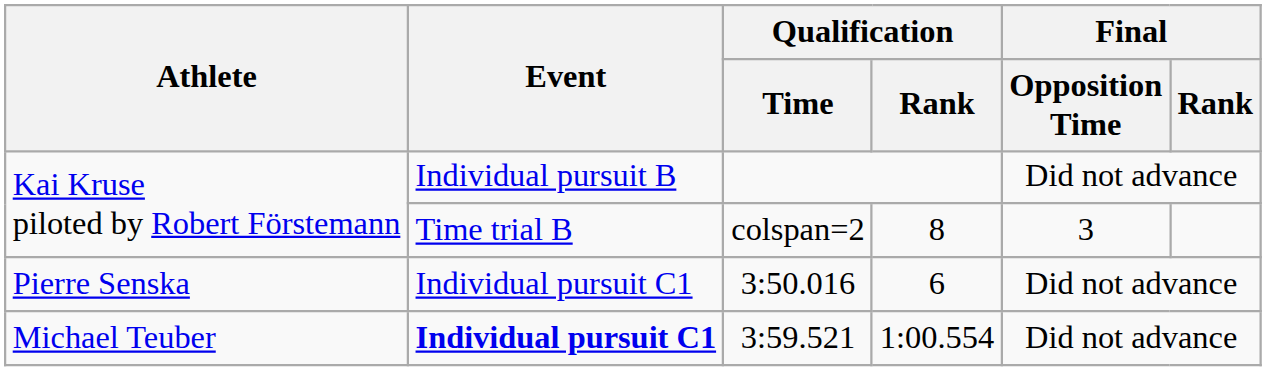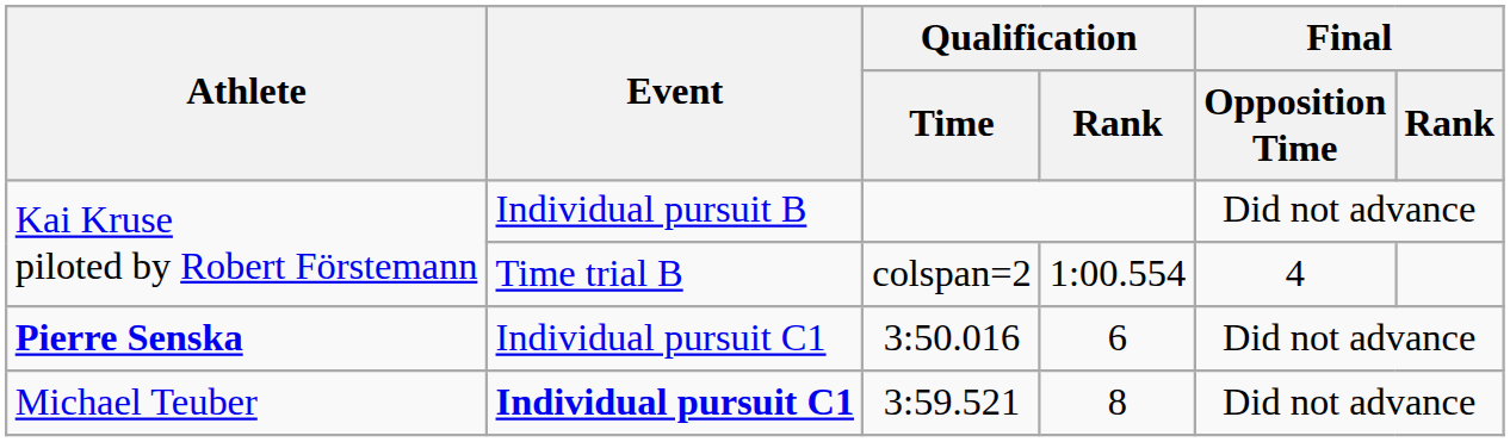 <table class=wikitable style="font-size:90%">
 <tr>
 <th rowspan="2">Athlete</th>
 <th rowspan="2">Event</th>
 <th colspan="2">Qualification</th>
 <th colspan="2">Final</th>
 </tr>
 <tr>
 <th>Time</th>
 <th>Rank</th>
 <th>Opposition<br>Time</th>
 <th>Rank</th>
 </tr>
 <tr align=center>
 <td align=left rowspan=2><a href='#'>Kai Kruse</a><br>piloted by <a href='#'>Robert Förstemann</a></td>
 <td align=left><a href='#'>Individual pursuit B</a></td>
 <td colspan=2></td>
 <td colspan=2>Did not advance</td>
 </tr>
 <tr align=center>
 <td align=left><a href='#'>Time trial B</a></td>
 <td>colspan=2</td>
-<td>8</td>
-<td>3</td>
+<td>1:00.554</td>
+<td>4</td>
 </tr>
 <tr align=center>
-<td align=left><a href='#'>Pierre Senska</a></td>
+<td align=left><strong><a href='#'>Pierre Senska</a></strong></td>
 <td align=left><a href='#'>Individual pursuit C1</a></td>
 <td>3:50.016</td>
 <td>6</td>
 <td colspan=2>Did not advance</td>
 </tr>
 <tr align=center>
 <td align=left><a href='#'>Michael Teuber</a></td>
 <td align=left><strong><a href='#'>Individual pursuit C1</a></strong></td>
 <td>3:59.521</td>
-<td>1:00.554</td>
+<td>8</td>
 <td colspan=2>Did not advance</td>
 </tr>
 </table>
